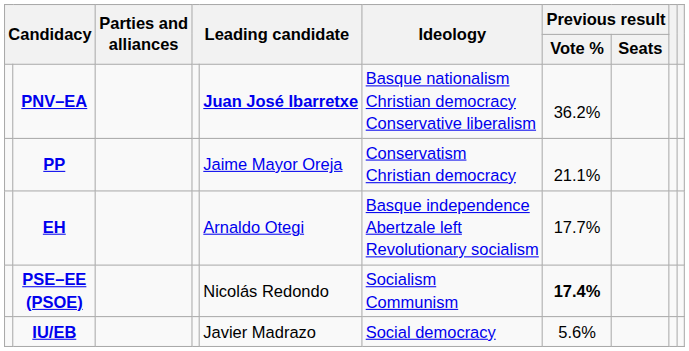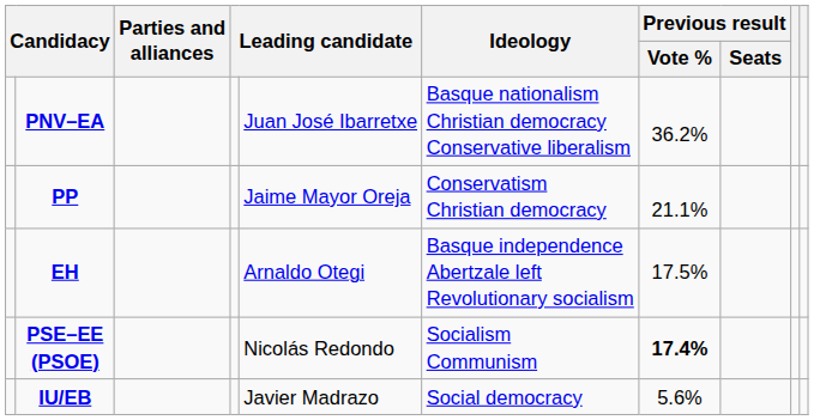 <table class="wikitable" style="line-height:1.35em; text-align:left;">
 <tr>
 <th colspan="2" rowspan="2">Candidacy</th>
 <th rowspan="2">Parties and<br>alliances</th>
 <th colspan="2" rowspan="2">Leading candidate</th>
 <th rowspan="2">Ideology</th>
 <th colspan="2">Previous result</th>
 <th rowspan="2"></th>
 <th rowspan="2"></th>
 </tr>
 <tr>
 <th>Vote %</th>
 <th>Seats</th>
 </tr>
 <tr>
 <td width="1" style="color:inherit;background:"></td>
 <td align="center"><strong><a href='#'>PNV–EA</a></strong></td>
 <td></td>
 <td></td>
-<td><strong><a href='#'>Juan José Ibarretxe</a></strong></td>
+<td><a href='#'>Juan José Ibarretxe</a></td>
 <td><a href='#'>Basque nationalism</a><br><a href='#'>Christian democracy</a><br><a href='#'>Conservative liberalism</a></td>
 <td align="center"><br>36.2%<br></td>
 <td></td>
 <td></td>
 <td></td>
 </tr>
 <tr>
 <td style="color:inherit;background:"></td>
 <td align="center"><strong><a href='#'>PP</a></strong></td>
 <td></td>
 <td></td>
 <td><a href='#'>Jaime Mayor Oreja</a></td>
 <td><a href='#'>Conservatism</a><br><a href='#'>Christian democracy</a></td>
 <td align="center"><br>21.1%<br></td>
 <td></td>
 <td></td>
 <td></td>
 </tr>
 <tr>
 <td style="color:inherit;background:"></td>
 <td align="center"><strong><a href='#'>EH</a></strong></td>
 <td></td>
 <td></td>
 <td><a href='#'>Arnaldo Otegi</a></td>
 <td><a href='#'>Basque independence</a><br><a href='#'>Abertzale left</a><br><a href='#'>Revolutionary socialism</a></td>
-<td align="center">17.7%</td>
+<td align="center">17.5%</td>
 <td></td>
 <td></td>
 <td></td>
 </tr>
 <tr>
 <td style="color:inherit;background:"></td>
 <td align="center"><strong><a href='#'>PSE–EE<br>(PSOE)</a></strong></td>
 <td></td>
 <td></td>
 <td>Nicolás Redondo</td>
 <td><a href='#'>Socialism</a><br><a href='#'>Communism</a></td>
 <td align="center"><strong>17.4%</strong></td>
 <td></td>
 <td></td>
 <td></td>
 </tr>
 <tr>
 <td style="color:inherit;background:"></td>
 <td align="center"><strong><a href='#'>IU/EB</a></strong></td>
 <td></td>
 <td></td>
 <td>Javier Madrazo</td>
 <td><a href='#'>Social democracy</a></td>
 <td align="center">5.6%</td>
 <td></td>
 <td></td>
 <td></td>
 </tr>
 </table>
